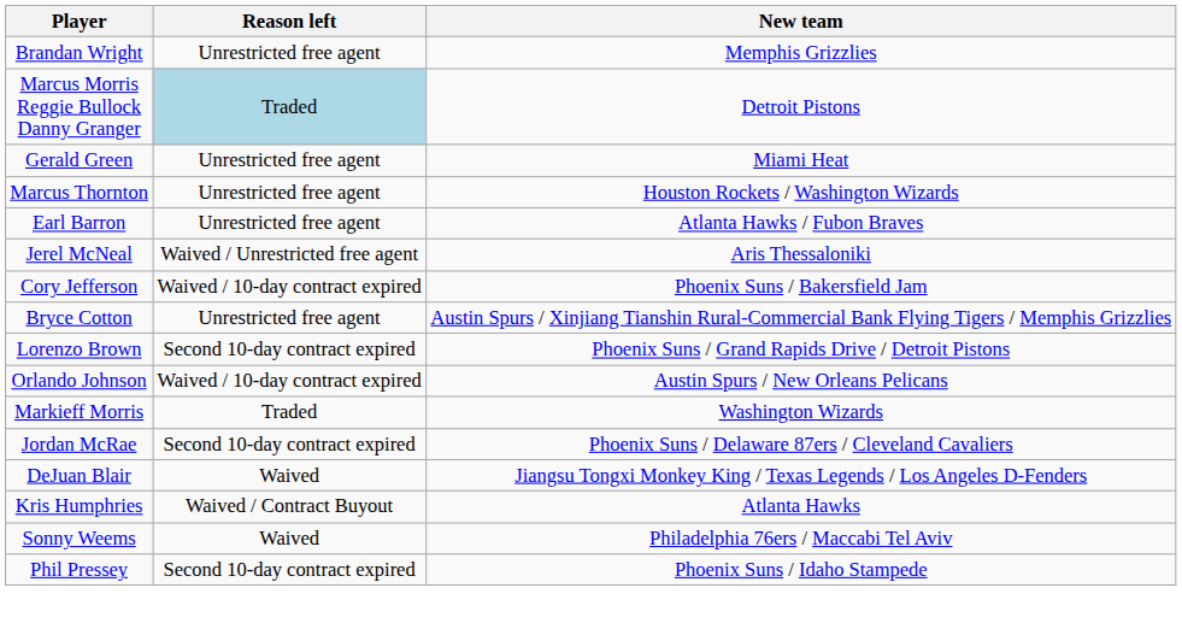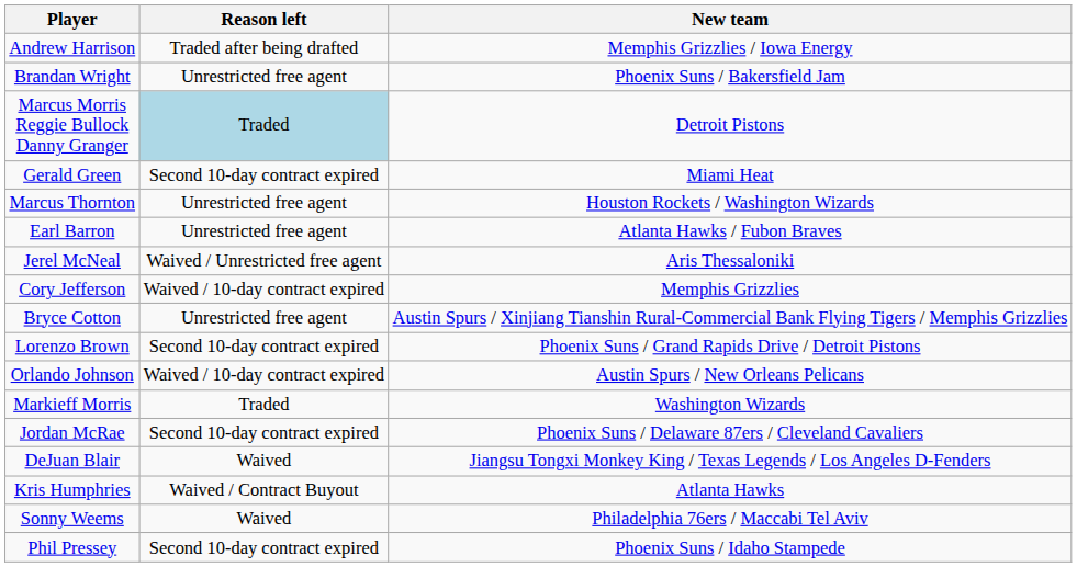 <table class="wikitable sortable sortable">
 <tr>
 <th>Player</th>
 <th>Reason left</th>
 <th>New team</th>
 </tr>
 <tr style="text-align: center">
+<td><a href='#'>Andrew Harrison</a></td>
+<td>Traded after being drafted</td>
+<td><a href='#'>Memphis Grizzlies</a> / <a href='#'>Iowa Energy</a></td>
+</tr>
+<tr style="text-align: center">
 <td><a href='#'>Brandan Wright</a></td>
 <td>Unrestricted free agent</td>
-<td><a href='#'>Memphis Grizzlies</a></td>
+<td><a href='#'>Phoenix Suns</a> / <a href='#'>Bakersfield Jam</a></td>
 </tr>
 <tr style="text-align: center">
 <td><a href='#'>Marcus Morris</a><br><a href='#'>Reggie Bullock</a><br><a href='#'>Danny Granger</a></td>
 <td style="background: lightblue;">Traded</td>
 <td><a href='#'>Detroit Pistons</a></td>
 </tr>
 <tr style="text-align: center">
 <td><a href='#'>Gerald Green</a></td>
-<td>Unrestricted free agent</td>
+<td>Second 10-day contract expired</td>
 <td><a href='#'>Miami Heat</a></td>
 </tr>
 <tr style="text-align: center">
 <td><a href='#'>Marcus Thornton</a></td>
 <td>Unrestricted free agent</td>
 <td><a href='#'>Houston Rockets</a> / <a href='#'>Washington Wizards</a></td>
 </tr>
 <tr style="text-align: center">
 <td><a href='#'>Earl Barron</a></td>
 <td>Unrestricted free agent</td>
 <td><a href='#'>Atlanta Hawks</a> /  <a href='#'>Fubon Braves</a></td>
 </tr>
 <tr style="text-align: center">
 <td><a href='#'>Jerel McNeal</a></td>
 <td>Waived / Unrestricted free agent</td>
 <td> <a href='#'>Aris Thessaloniki</a></td>
 </tr>
 <tr style="text-align: center">
 <td><a href='#'>Cory Jefferson</a></td>
 <td>Waived / 10-day contract expired</td>
-<td><a href='#'>Phoenix Suns</a> / <a href='#'>Bakersfield Jam</a></td>
+<td><a href='#'>Memphis Grizzlies</a></td>
 </tr>
 <tr style="text-align: center">
 <td><a href='#'>Bryce Cotton</a></td>
 <td>Unrestricted free agent</td>
 <td><a href='#'>Austin Spurs</a> /  <a href='#'>Xinjiang Tianshin Rural-Commercial Bank Flying Tigers</a> / <a href='#'>Memphis Grizzlies</a></td>
 </tr>
 <tr style="text-align: center">
 <td><a href='#'>Lorenzo Brown</a></td>
 <td>Second 10-day contract expired</td>
 <td><a href='#'>Phoenix Suns</a> / <a href='#'>Grand Rapids Drive</a> / <a href='#'>Detroit Pistons</a></td>
 </tr>
 <tr style="text-align: center">
 <td><a href='#'>Orlando Johnson</a></td>
 <td>Waived / 10-day contract expired</td>
 <td><a href='#'>Austin Spurs</a> / <a href='#'>New Orleans Pelicans</a></td>
 </tr>
 <tr style="text-align: center">
 <td><a href='#'>Markieff Morris</a></td>
 <td>Traded</td>
 <td><a href='#'>Washington Wizards</a></td>
 </tr>
 <tr style="text-align: center">
 <td><a href='#'>Jordan McRae</a></td>
 <td>Second 10-day contract expired</td>
 <td><a href='#'>Phoenix Suns</a> / <a href='#'>Delaware 87ers</a> / <a href='#'><span>Cleveland Cavaliers</span></a></td>
 </tr>
 <tr style="text-align: center">
 <td><a href='#'>DeJuan Blair</a></td>
 <td>Waived</td>
 <td> <a href='#'>Jiangsu Tongxi Monkey King</a> / <a href='#'>Texas Legends</a> / <a href='#'>Los Angeles D-Fenders</a></td>
 </tr>
 <tr style="text-align: center">
 <td><a href='#'>Kris Humphries</a></td>
 <td>Waived / Contract Buyout</td>
 <td><a href='#'>Atlanta Hawks</a></td>
 </tr>
 <tr style="text-align: center">
 <td><a href='#'>Sonny Weems</a></td>
 <td>Waived</td>
 <td><a href='#'>Philadelphia 76ers</a> /  <a href='#'>Maccabi Tel Aviv</a></td>
 </tr>
 <tr style="text-align: center">
 <td><a href='#'>Phil Pressey</a></td>
 <td>Second 10-day contract expired</td>
 <td><a href='#'>Phoenix Suns</a> / <a href='#'>Idaho Stampede</a></td>
 </tr>
 </table>
